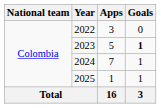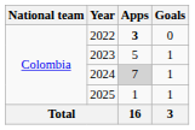 <table class="wikitable" style="text-align: center;">
 <tr>
 <th>National team</th>
 <th>Year</th>
 <th>Apps</th>
 <th>Goals</th>
 </tr>
 <tr>
 <td rowspan="4"><a href='#'>Colombia</a></td>
 <td>2022</td>
-<td>3</td>
+<td><strong>3</strong></td>
 <td>0</td>
 </tr>
 <tr>
 <td>2023</td>
 <td>5</td>
-<td><strong>1</strong></td>
+<td>1</td>
 </tr>
 <tr>
 <td>2024</td>
-<td>7</td>
+<td style="background: lightgrey;">7</td>
 <td>1</td>
 </tr>
 <tr>
 <td>2025</td>
 <td>1</td>
 <td>1</td>
 </tr>
 <tr>
 <th colspan="2">Total</th>
 <th>16</th>
 <th>3</th>
 </tr>
 </table>
